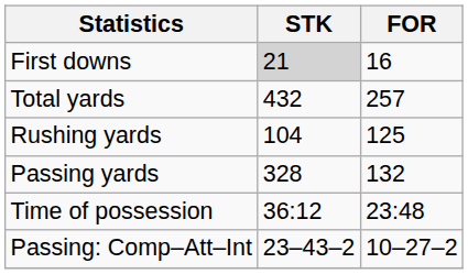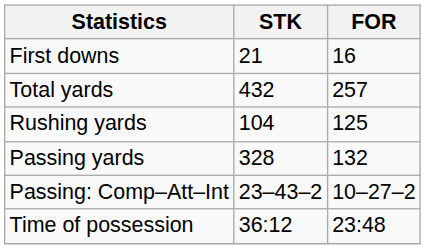 <table class="wikitable" style="float: left;">
 <tr>
 <th>Statistics</th>
 <th>STK</th>
 <th>FOR</th>
 </tr>
 <tr>
 <td>First downs</td>
-<td style="background: lightgrey;">21</td>
+<td>21</td>
 <td>16</td>
 </tr>
 <tr>
 <td>Total yards</td>
 <td>432</td>
 <td>257</td>
 </tr>
 <tr>
 <td>Rushing yards</td>
 <td>104</td>
 <td>125</td>
 </tr>
 <tr>
 <td>Passing yards</td>
 <td>328</td>
 <td>132</td>
 </tr>
 <tr>
+<td>Passing: Comp–Att–Int</td>
+<td>23–43–2</td>
+<td>10–27–2</td>
+</tr>
+<tr>
 <td>Time of possession</td>
 <td>36:12</td>
 <td>23:48</td>
 </tr>
 <tr>
-<td>Passing: Comp–Att–Int</td>
-<td>23–43–2</td>
-<td>10–27–2</td>
-</tr>
-<tr>
 </tr>
 </table>
